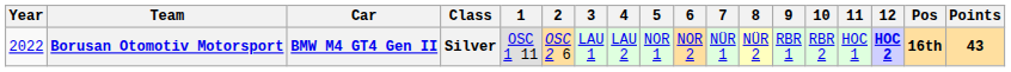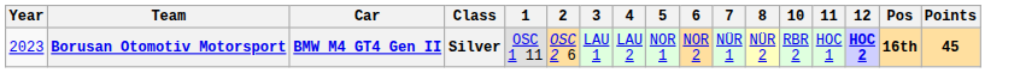 <table class="wikitable" style="text-align:center; font-size:85%">
 <tr>
 <th>Year</th>
 <th>Team</th>
 <th>Car</th>
 <th>Class</th>
 <th>1</th>
 <th>2</th>
 <th>3</th>
 <th>4</th>
 <th>5</th>
 <th>6</th>
 <th>7</th>
 <th>8</th>
-<th>9</th>
 <th>10</th>
 <th>11</th>
 <th>12</th>
 <th>Pos</th>
 <th>Points</th>
 </tr>
 <tr>
-<td><a href='#'>2022</a></td>
+<td><a href='#'>2023</a></td>
 <th nowrap=""><a href='#'>Borusan Otomotiv Motorsport</a></th>
 <th nowrap=""><a href='#'>BMW M4 GT4 Gen II</a></th>
 <th>Silver</th>
 <td style="background:#DFDFDF;"><a href='#'>OSC</a><br><a href='#'>1</a> 11</td>
 <td style="background:#FFDF9F;"><em><a href='#'>OSC</a></em><br><em><a href='#'>2</a></em> 6</td>
 <td style="background:#DFFFDF;"><a href='#'>LAU</a><br><a href='#'>1</a> </td>
 <td style="background:#DFFFDF;"><a href='#'>LAU</a><br><a href='#'>2</a> </td>
 <td style="background:#DFFFDF;"><a href='#'>NOR</a><br><a href='#'>1</a> </td>
 <td style="background:#FFDF9F;"><a href='#'>NOR</a><br><a href='#'>2</a> </td>
 <td style="background:#DFFFDF;"><a href='#'>NÜR</a><br><a href='#'>1</a> </td>
 <td style="background:#FFFFBF;"><a href='#'>NÜR</a><br><a href='#'>2</a> </td>
-<td style="background:#DFFFDF;"><a href='#'>RBR</a><br><a href='#'>1</a> </td>
 <td style="background:#DFFFDF;"><a href='#'>RBR</a><br><a href='#'>2</a> </td>
 <td style="background:#DFFFDF;"><a href='#'>HOC</a><br><a href='#'>1</a> </td>
 <td style="background:#CFCFFF;"><strong><a href='#'>HOC</a><br><a href='#'>2</a> </strong></td>
 <th style="background:#FFDF9F;">16th</th>
-<th style="background:#FFDF9F;">43</th>
+<th style="background:#FFDF9F;">45</th>
 </tr>
 </table>
